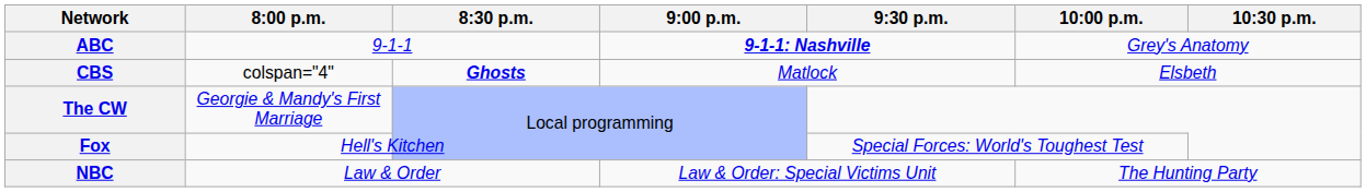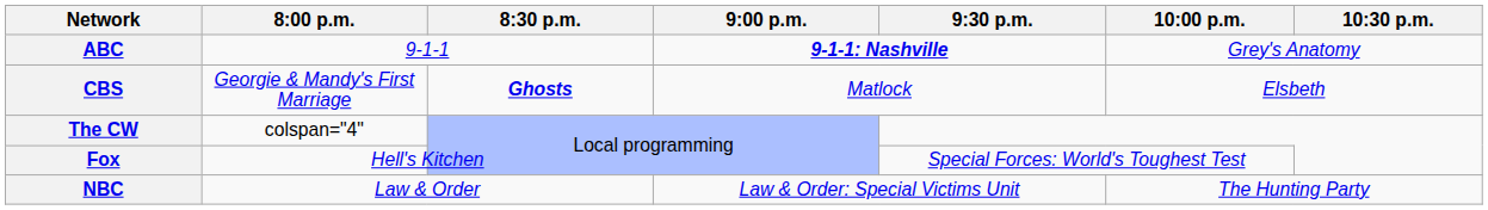 <table class="wikitable" style="width:100%;margin-right:0;text-align:center">
 <tr>
 <th colspan="2" style="width:13%;">Network</th>
 <th style="width:15%;">8:00 p.m.</th>
 <th style="width:15%;">8:30 p.m.</th>
 <th style="width:15%;">9:00 p.m.</th>
 <th style="width:15%;">9:30 p.m.</th>
 <th style="width:12.5%;">10:00 p.m.</th>
 <th style="width:12.5%;">10:30 p.m.</th>
 </tr>
 <tr>
 <th colspan="2"><a href='#'>ABC</a></th>
 <td colspan="2"><em><a href='#'>9-1-1</a></em></td>
 <td colspan="2"><strong><em><a href='#'>9-1-1: Nashville</a></em></strong></td>
 <td colspan="2"><em><a href='#'>Grey's Anatomy</a></em></td>
 </tr>
 <tr>
 <th colspan="2"><a href='#'>CBS</a></th>
-<td>colspan="4" </td>
+<td><em><a href='#'>Georgie & Mandy's First Marriage</a></em></td>
 <td><strong><em><a href='#'>Ghosts</a></em></strong></td>
 <td colspan="2"><em><a href='#'>Matlock</a></em></td>
 <td colspan="2"><em><a href='#'>Elsbeth</a></em></td>
 </tr>
 <tr>
 <th colspan="2"><a href='#'>The CW</a></th>
-<td><em><a href='#'>Georgie & Mandy's First Marriage</a></em></td>
+<td>colspan="4" </td>
 <td rowspan="2" colspan="2" style="background:#abbfff;">Local programming</td>
 </tr>
 <tr>
 <th colspan="2"><a href='#'>Fox</a></th>
 <td colspan="2"><em><a href='#'>Hell's Kitchen</a></em></td>
 <td colspan="2"><em><a href='#'>Special Forces: World's Toughest Test</a></em></td>
 </tr>
 <tr>
 <th colspan="2"><a href='#'>NBC</a></th>
 <td colspan="2"><em><a href='#'>Law & Order</a></em></td>
 <td colspan="2"><em><a href='#'>Law & Order: Special Victims Unit</a></em></td>
 <td colspan="2"><em><a href='#'>The Hunting Party</a></em></td>
 </tr>
 </table>
